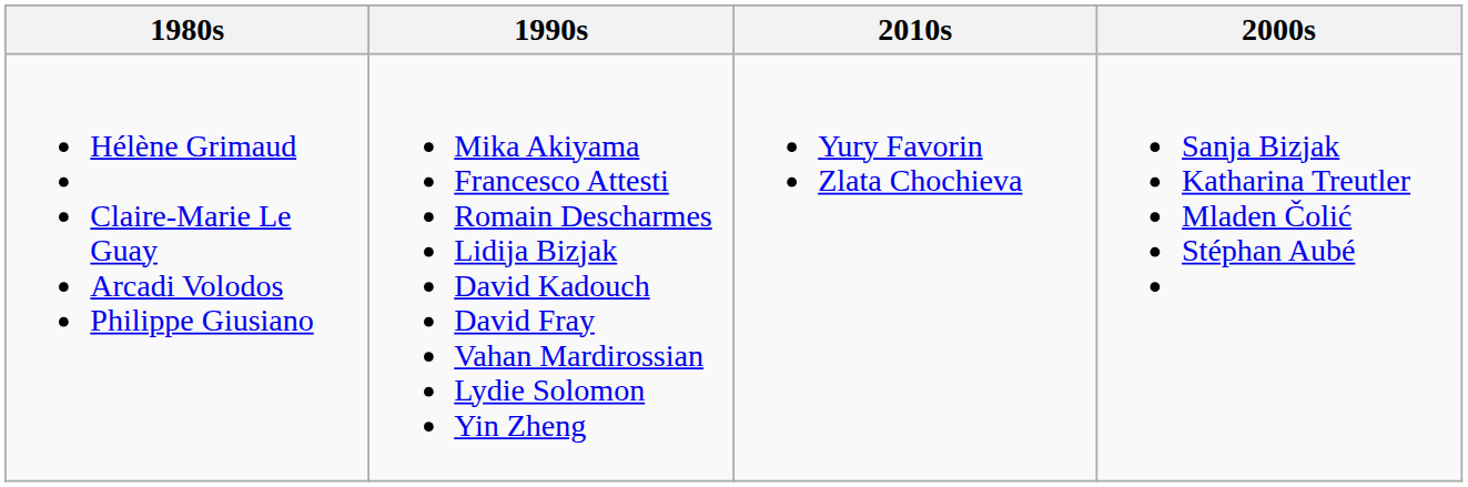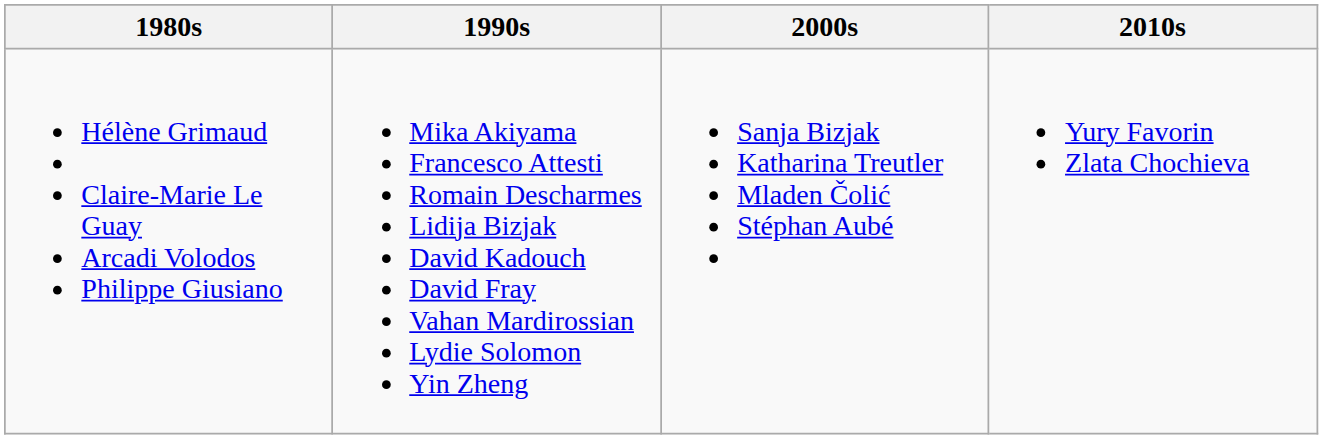 <table class="wikitable center">
 <tr>
 <th>1980s</th>
 <th>1990s</th>
+<th>2000s</th>
 <th>2010s</th>
-<th>2000s</th>
 </tr>
 <tr>
 <td valign="top" width="180px"><br><ul><li><a href='#'>Hélène Grimaud</a></li><li></li><li><a href='#'>Claire-Marie Le Guay</a></li><li><a href='#'>Arcadi Volodos</a></li><li><a href='#'>Philippe Giusiano</a></li></ul></td>
 <td valign="top" width="180px"><br><ul><li><a href='#'>Mika Akiyama</a></li><li><a href='#'>Francesco Attesti</a></li><li><a href='#'>Romain Descharmes</a></li><li><a href='#'>Lidija Bizjak</a></li><li><a href='#'>David Kadouch</a></li><li><a href='#'>David Fray</a></li><li><a href='#'>Vahan Mardirossian</a></li><li><a href='#'>Lydie Solomon</a></li><li><a href='#'>Yin Zheng</a></li></ul></td>
+<td valign="top" width="180px"><br><ul><li><a href='#'>Sanja Bizjak</a></li><li><a href='#'>Katharina Treutler</a></li><li><a href='#'>Mladen Čolić</a></li><li><a href='#'>Stéphan Aubé</a></li><li></li></ul></td>
 <td valign="top" width="180px"><br><ul><li><a href='#'>Yury Favorin</a></li><li><a href='#'>Zlata Chochieva</a></li></ul></td>
-<td valign="top" width="180px"><br><ul><li><a href='#'>Sanja Bizjak</a></li><li><a href='#'>Katharina Treutler</a></li><li><a href='#'>Mladen Čolić</a></li><li><a href='#'>Stéphan Aubé</a></li><li></li></ul></td>
 </tr>
 </table>
